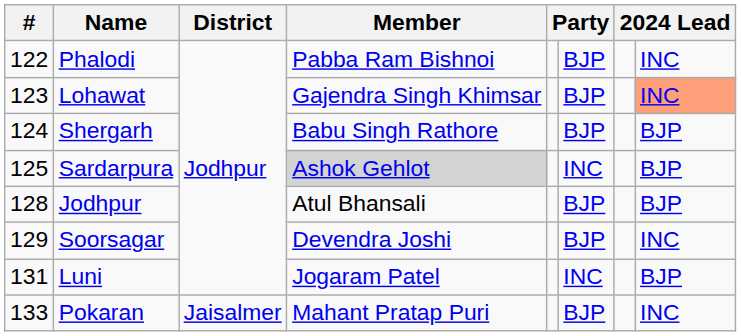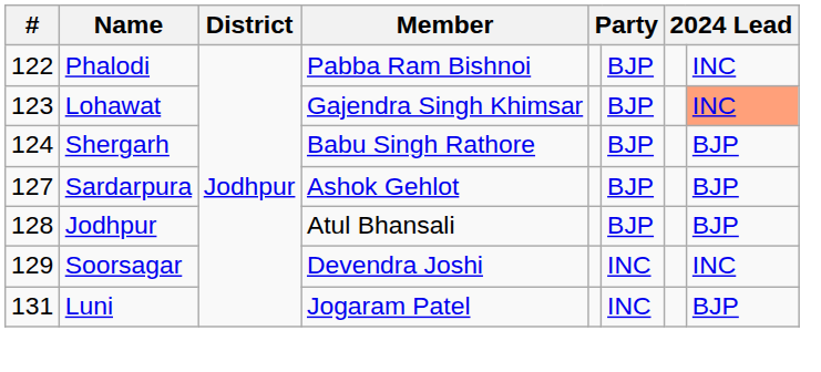 <table class="wikitable">
 <tr>
 <th>#</th>
 <th>Name</th>
 <th>District</th>
 <th>Member</th>
 <th colspan="2">Party</th>
 <th colspan="2">2024 Lead</th>
 </tr>
 <tr>
 <td>122</td>
 <td><a href='#'>Phalodi</a></td>
 <td rowspan="7"><a href='#'>Jodhpur</a></td>
 <td><a href='#'>Pabba Ram Bishnoi</a></td>
 <td style="background-color: "></td>
 <td><a href='#'>BJP</a></td>
 <td style="background-color: "></td>
 <td><a href='#'>INC</a></td>
 </tr>
 <tr>
 <td>123</td>
 <td><a href='#'>Lohawat</a></td>
 <td><a href='#'>Gajendra Singh Khimsar</a></td>
 <td style="background-color: "></td>
 <td><a href='#'>BJP</a></td>
 <td style="background-color: "></td>
 <td style="background: lightsalmon;"><a href='#'>INC</a></td>
 </tr>
 <tr>
 <td>124</td>
 <td><a href='#'>Shergarh</a></td>
 <td><a href='#'>Babu Singh Rathore</a></td>
 <td style="background-color: "></td>
 <td><a href='#'>BJP</a></td>
 <td style="background-color: "></td>
 <td><a href='#'>BJP</a></td>
 </tr>
 <tr>
-<td>125</td>
+<td>127</td>
 <td><a href='#'>Sardarpura</a></td>
-<td style="background: lightgrey;"><a href='#'>Ashok Gehlot</a></td>
+<td><a href='#'>Ashok Gehlot</a></td>
 <td style="background-color: "></td>
-<td><a href='#'>INC</a></td>
+<td><a href='#'>BJP</a></td>
 <td style="background-color: "></td>
 <td><a href='#'>BJP</a></td>
 </tr>
 <tr>
 <td>128</td>
 <td><a href='#'>Jodhpur</a></td>
 <td>Atul Bhansali</td>
 <td style="background-color: "></td>
 <td><a href='#'>BJP</a></td>
 <td style="background-color: "></td>
 <td><a href='#'>BJP</a></td>
 </tr>
 <tr>
 <td>129</td>
 <td><a href='#'>Soorsagar</a></td>
 <td><a href='#'>Devendra Joshi</a></td>
 <td style="background-color: "></td>
-<td><a href='#'>BJP</a></td>
+<td><a href='#'>INC</a></td>
 <td style="background-color: "></td>
 <td><a href='#'>INC</a></td>
 </tr>
 <tr>
 <td>131</td>
 <td><a href='#'>Luni</a></td>
 <td><a href='#'>Jogaram Patel</a></td>
 <td style="background-color: "></td>
 <td><a href='#'>INC</a></td>
 <td style="background-color: "></td>
 <td><a href='#'>BJP</a></td>
 </tr>
-<tr>
-<td>133</td>
-<td><a href='#'>Pokaran</a></td>
-<td><a href='#'>Jaisalmer</a></td>
-<td><a href='#'>Mahant Pratap Puri</a></td>
-<td style="background-color: "></td>
-<td><a href='#'>BJP</a></td>
-<td style="background-color: "></td>
-<td><a href='#'>INC</a></td>
-</tr>
 </table>
